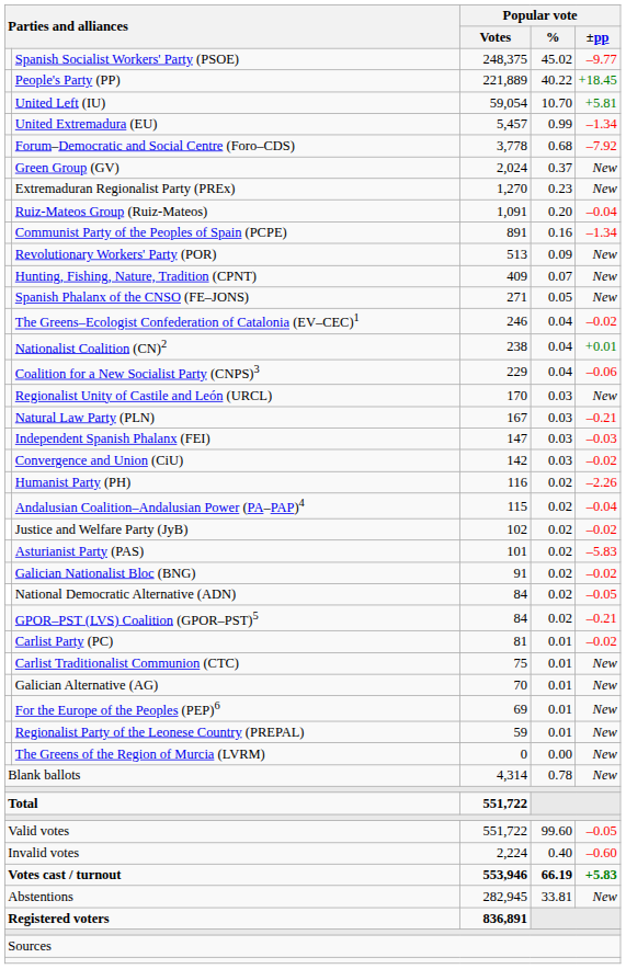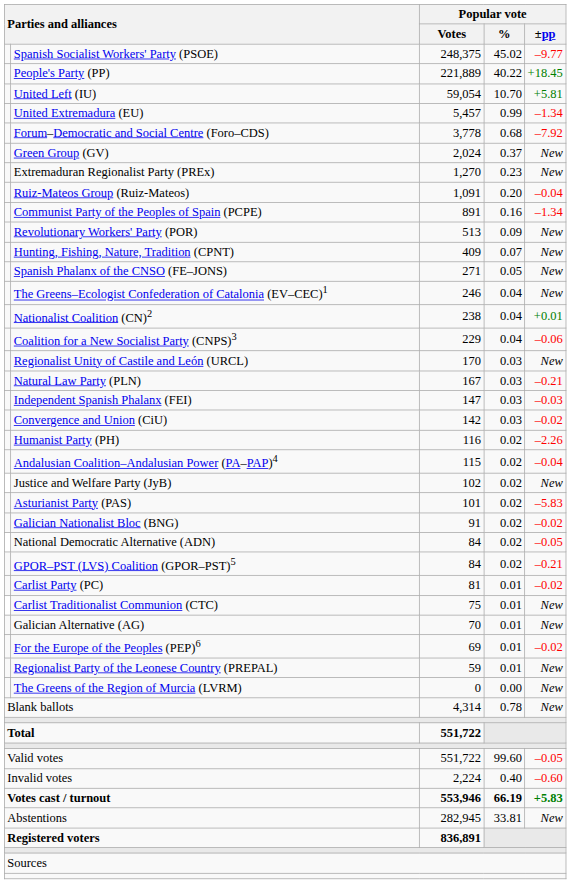 <table class="wikitable" style="text-align:right">
 <tr>
 <th style="text-align:left;" rowspan="2" colspan="2" width="525">Parties and alliances</th>
 <th colspan="3">Popular vote</th>
 </tr>
 <tr>
 <th width="75">Votes</th>
 <th width="45">%</th>
 <th width="45">±<a href='#'>pp</a></th>
 </tr>
 <tr>
 <td width="1" style="color:inherit;background:"></td>
 <td align="left"><a href='#'>Spanish Socialist Workers' Party</a> (PSOE)</td>
 <td>248,375</td>
 <td>45.02</td>
 <td style="color:red;">–9.77</td>
 </tr>
 <tr>
 <td style="color:inherit;background:"></td>
 <td align="left"><a href='#'>People's Party</a> (PP)</td>
 <td>221,889</td>
 <td>40.22</td>
 <td style="color:green;">+18.45</td>
 </tr>
 <tr>
 <td style="color:inherit;background:"></td>
 <td align="left"><a href='#'>United Left</a> (IU)</td>
 <td>59,054</td>
 <td>10.70</td>
 <td style="color:green;">+5.81</td>
 </tr>
 <tr>
 <td style="color:inherit;background:"></td>
 <td align="left"><a href='#'>United Extremadura</a> (EU)</td>
 <td>5,457</td>
 <td>0.99</td>
 <td style="color:red;">–1.34</td>
 </tr>
 <tr>
 <td style="color:inherit;background:"></td>
 <td align="left"><a href='#'>Forum</a>–<a href='#'>Democratic and Social Centre</a> (Foro–CDS)</td>
 <td>3,778</td>
 <td>0.68</td>
 <td style="color:red;">–7.92</td>
 </tr>
 <tr>
 <td style="color:inherit;background:"></td>
 <td align="left"><a href='#'>Green Group</a> (GV)</td>
 <td>2,024</td>
 <td>0.37</td>
 <td><em>New</em></td>
 </tr>
 <tr>
 <td style="color:inherit;background:"></td>
 <td align="left">Extremaduran Regionalist Party (PREx)</td>
 <td>1,270</td>
 <td>0.23</td>
 <td><em>New</em></td>
 </tr>
 <tr>
 <td style="color:inherit;background:"></td>
 <td align="left"><a href='#'>Ruiz-Mateos Group</a> (Ruiz-Mateos)</td>
 <td>1,091</td>
 <td>0.20</td>
 <td style="color:red;">–0.04</td>
 </tr>
 <tr>
 <td style="color:inherit;background:"></td>
 <td align="left"><a href='#'>Communist Party of the Peoples of Spain</a> (PCPE)</td>
 <td>891</td>
 <td>0.16</td>
 <td style="color:red;">–1.34</td>
 </tr>
 <tr>
 <td style="color:inherit;background:"></td>
 <td align="left"><a href='#'>Revolutionary Workers' Party</a> (POR)</td>
 <td>513</td>
 <td>0.09</td>
 <td><em>New</em></td>
 </tr>
 <tr>
 <td style="color:inherit;background:"></td>
 <td align="left"><a href='#'>Hunting, Fishing, Nature, Tradition</a> (CPNT)</td>
 <td>409</td>
 <td>0.07</td>
 <td><em>New</em></td>
 </tr>
 <tr>
 <td style="color:inherit;background:"></td>
 <td align="left"><a href='#'>Spanish Phalanx of the CNSO</a> (FE–JONS)</td>
 <td>271</td>
 <td>0.05</td>
 <td><em>New</em></td>
 </tr>
 <tr>
 <td style="color:inherit;background:"></td>
 <td align="left"><a href='#'>The Greens–Ecologist Confederation of Catalonia</a> (EV–CEC)<sup>1</sup></td>
 <td>246</td>
 <td>0.04</td>
-<td style="color:red;">–0.02</td>
+<td><em>New</em></td>
 </tr>
 <tr>
 <td style="color:inherit;background:"></td>
 <td align="left"><a href='#'>Nationalist Coalition</a> (CN)<sup>2</sup></td>
 <td>238</td>
 <td>0.04</td>
 <td style="color:green;">+0.01</td>
 </tr>
 <tr>
 <td style="color:inherit;background:"></td>
 <td align="left"><a href='#'>Coalition for a New Socialist Party</a> (CNPS)<sup>3</sup></td>
 <td>229</td>
 <td>0.04</td>
 <td style="color:red;">–0.06</td>
 </tr>
 <tr>
 <td style="color:inherit;background:"></td>
 <td align="left"><a href='#'>Regionalist Unity of Castile and León</a> (URCL)</td>
 <td>170</td>
 <td>0.03</td>
 <td><em>New</em></td>
 </tr>
 <tr>
 <td style="color:inherit;background:"></td>
 <td align="left"><a href='#'>Natural Law Party</a> (PLN)</td>
 <td>167</td>
 <td>0.03</td>
 <td style="color:red;">–0.21</td>
 </tr>
 <tr>
 <td style="color:inherit;background:"></td>
 <td align="left"><a href='#'>Independent Spanish Phalanx</a> (FEI)</td>
 <td>147</td>
 <td>0.03</td>
 <td style="color:red;">–0.03</td>
 </tr>
 <tr>
 <td style="color:inherit;background:"></td>
 <td align="left"><a href='#'>Convergence and Union</a> (CiU)</td>
 <td>142</td>
 <td>0.03</td>
 <td style="color:red;">–0.02</td>
 </tr>
 <tr>
 <td style="color:inherit;background:"></td>
 <td align="left"><a href='#'>Humanist Party</a> (PH)</td>
 <td>116</td>
 <td>0.02</td>
 <td style="color:red;">–2.26</td>
 </tr>
 <tr>
 <td style="color:inherit;background:"></td>
 <td align="left"><a href='#'>Andalusian Coalition–Andalusian Power</a> (<a href='#'>PA</a>–<a href='#'>PAP</a>)<sup>4</sup></td>
 <td>115</td>
 <td>0.02</td>
 <td style="color:red;">–0.04</td>
 </tr>
 <tr>
 <td bgcolor="white"></td>
 <td align="left">Justice and Welfare Party (JyB)</td>
 <td>102</td>
 <td>0.02</td>
-<td style="color:red;">–0.02</td>
+<td><em>New</em></td>
 </tr>
 <tr>
 <td style="color:inherit;background:"></td>
 <td align="left"><a href='#'>Asturianist Party</a> (PAS)</td>
 <td>101</td>
 <td>0.02</td>
 <td style="color:red;">–5.83</td>
 </tr>
 <tr>
 <td style="color:inherit;background:"></td>
 <td align="left"><a href='#'>Galician Nationalist Bloc</a> (BNG)</td>
 <td>91</td>
 <td>0.02</td>
 <td style="color:red;">–0.02</td>
 </tr>
 <tr>
 <td bgcolor="white"></td>
 <td align="left">National Democratic Alternative (ADN)</td>
 <td>84</td>
 <td>0.02</td>
 <td style="color:red;">–0.05</td>
 </tr>
 <tr>
 <td style="color:inherit;background:"></td>
 <td align="left"><a href='#'>GPOR–PST (LVS) Coalition</a> (GPOR–PST)<sup>5</sup></td>
 <td>84</td>
 <td>0.02</td>
 <td style="color:red;">–0.21</td>
 </tr>
 <tr>
 <td style="color:inherit;background:"></td>
 <td align="left"><a href='#'>Carlist Party</a> (PC)</td>
 <td>81</td>
 <td>0.01</td>
 <td style="color:red;">–0.02</td>
 </tr>
 <tr>
 <td bgcolor="white"></td>
 <td align="left"><a href='#'>Carlist Traditionalist Communion</a> (CTC)</td>
 <td>75</td>
 <td>0.01</td>
 <td><em>New</em></td>
 </tr>
 <tr>
 <td style="color:inherit;background:"></td>
 <td align="left">Galician Alternative (AG)</td>
 <td>70</td>
 <td>0.01</td>
 <td><em>New</em></td>
 </tr>
 <tr>
 <td style="color:inherit;background:"></td>
 <td align="left"><a href='#'>For the Europe of the Peoples</a> (PEP)<sup>6</sup></td>
 <td>69</td>
 <td>0.01</td>
-<td><em>New</em></td>
+<td style="color:red;">–0.02</td>
 </tr>
 <tr>
 <td style="color:inherit;background:"></td>
 <td align="left"><a href='#'>Regionalist Party of the Leonese Country</a> (PREPAL)</td>
 <td>59</td>
 <td>0.01</td>
 <td><em>New</em></td>
 </tr>
 <tr>
 <td style="color:inherit;background:"></td>
 <td align="left"><a href='#'>The Greens of the Region of Murcia</a> (LVRM)</td>
 <td>0</td>
 <td>0.00</td>
 <td><em>New</em></td>
 </tr>
 <tr>
 <td align="left" colspan="2">Blank ballots</td>
 <td>4,314</td>
 <td>0.78</td>
 <td><em>New</em></td>
 </tr>
 <tr>
 <td colspan="5" bgcolor="#E9E9E9"></td>
 </tr>
 <tr style="font-weight:bold;">
 <td align="left" colspan="2">Total</td>
 <td>551,722</td>
 <td bgcolor="#E9E9E9" colspan="2"></td>
 </tr>
 <tr>
 <td colspan="5" bgcolor="#E9E9E9"></td>
 </tr>
 <tr>
 <td align="left" colspan="2">Valid votes</td>
 <td>551,722</td>
 <td>99.60</td>
 <td style="color:red;">–0.05</td>
 </tr>
 <tr>
 <td align="left" colspan="2">Invalid votes</td>
 <td>2,224</td>
 <td>0.40</td>
 <td style="color:red;">–0.60</td>
 </tr>
 <tr style="font-weight:bold;">
 <td align="left" colspan="2">Votes cast / turnout</td>
 <td>553,946</td>
 <td>66.19</td>
 <td style="color:green;">+5.83</td>
 </tr>
 <tr>
 <td align="left" colspan="2">Abstentions</td>
 <td>282,945</td>
 <td>33.81</td>
 <td><em>New</em></td>
 </tr>
 <tr style="font-weight:bold;">
 <td align="left" colspan="2">Registered voters</td>
 <td>836,891</td>
 <td bgcolor="#E9E9E9" colspan="2"></td>
 </tr>
 <tr>
 <td colspan="5" bgcolor="#E9E9E9"></td>
 </tr>
 <tr>
 <td align="left" colspan="5">Sources</td>
 </tr>
 <tr>
 <td colspan="5" style="text-align:left; max-width:680px;"></td>
 </tr>
 </table>
